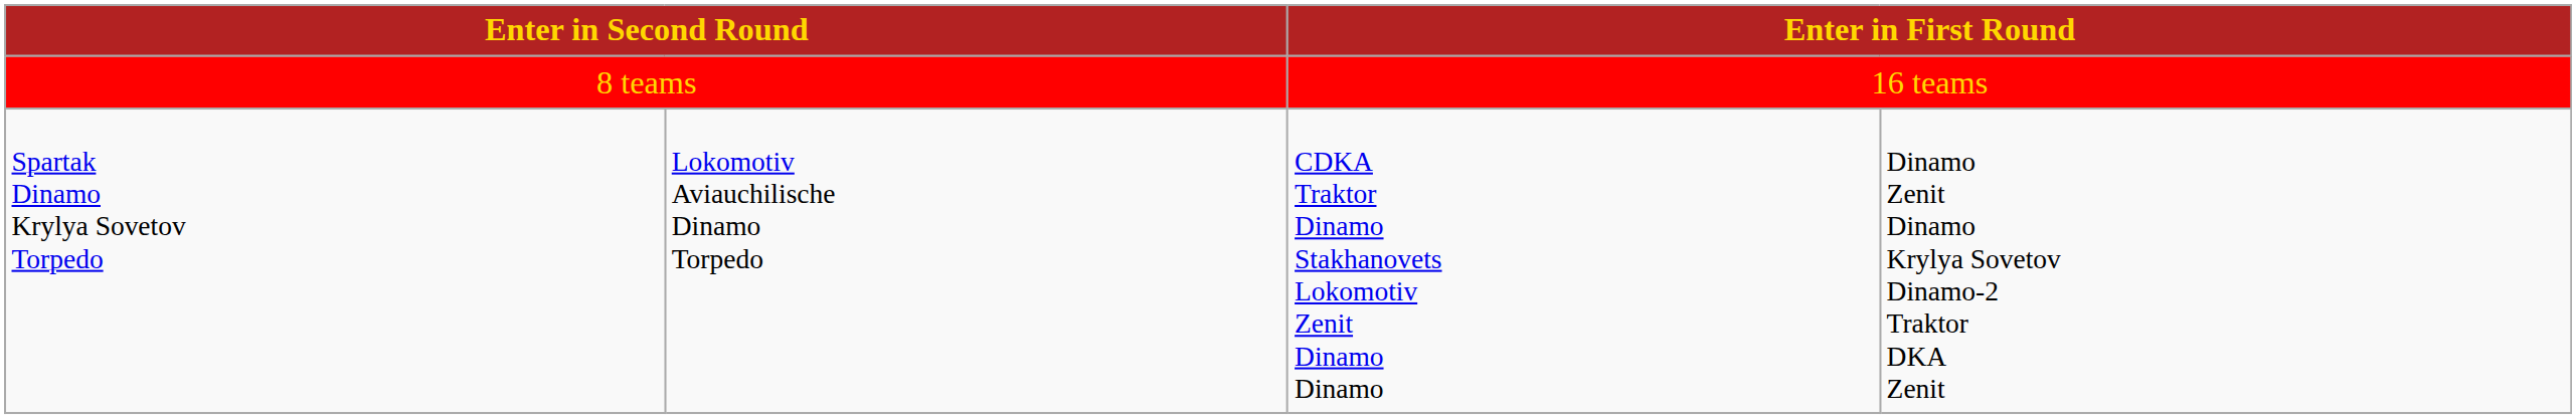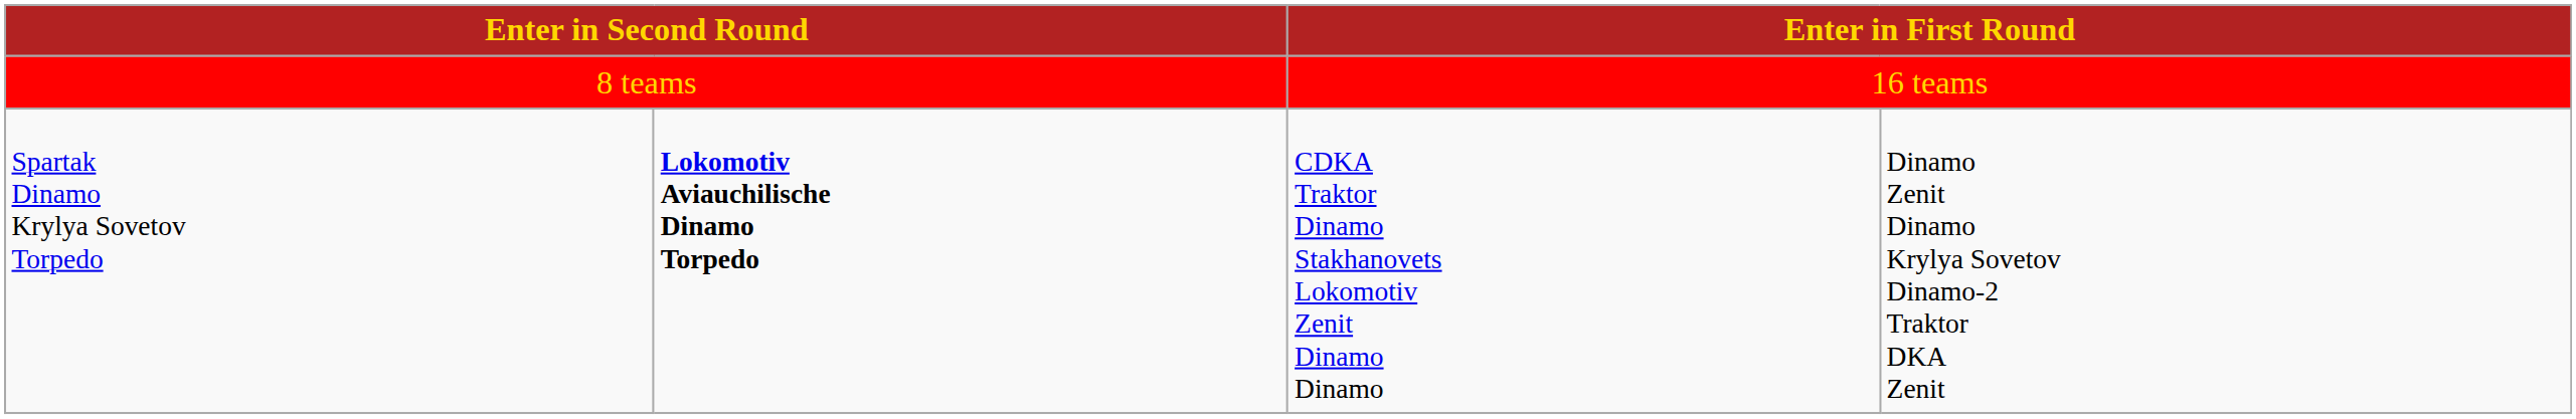 <table class="wikitable" style="width:100%;">
 <tr style="background:Firebrick; text-align:center;">
 <td style="width:45%; color:Gold" colspan="2"><strong>Enter in Second Round</strong></td>
 <td style="width:45%; color:Gold" colspan="2"><strong>Enter in First Round</strong></td>
 </tr>
 <tr style="background:Red;">
 <td style="text-align:center; width:18%; color:Gold" colspan=2>8 teams</td>
 <td style="text-align:center; width:18%; color:Gold" colspan=2>16 teams</td>
 </tr>
 <tr style="vertical-align:top; font-size:85%;">
 <td rowspan=3><br> <a href='#'>Spartak </a><br>  <a href='#'>Dinamo </a><br>  Krylya Sovetov <br>  <a href='#'>Torpedo </a><br></td>
-<td><br> <a href='#'>Lokomotiv </a><br>  Aviauchilische <br>  Dinamo <br>  Torpedo <br></td>
+<td><strong><br> <a href='#'>Lokomotiv </a><br>  Aviauchilische <br>  Dinamo <br>  Torpedo <br></strong></td>
 <td rowspan=3><br> <a href='#'>CDKA </a><br>  <a href='#'>Traktor </a><br>  <a href='#'>Dinamo </a><br>  <a href='#'>Stakhanovets </a><br>  <a href='#'>Lokomotiv </a><br>  <a href='#'>Zenit </a><br>  <a href='#'>Dinamo </a><br>  Dinamo <br></td>
 <td><br> Dinamo <br>  Zenit <br>  Dinamo <br>  Krylya Sovetov <br>  Dinamo-2 <br>  Traktor <br>  DKA <br>  Zenit <br></td>
 </tr>
 </table>
